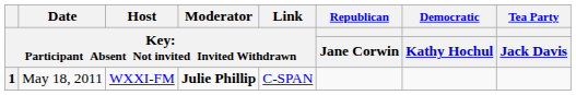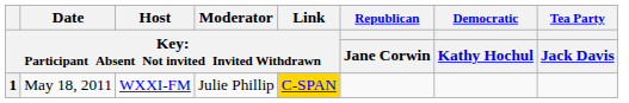 <table class="wikitable" style="text-align:center;">
 <tr>
 <th scope="col"></th>
 <th scope="col">Date</th>
 <th scope="col">Host</th>
 <th scope="col">Moderator</th>
 <th scope="col">Link</th>
 <th scope="col"><small><a href='#'>Republican</a></small></th>
 <th scope="col"><small><a href='#'>Democratic</a></small></th>
 <th scope="col"><small><a href='#'>Tea Party</a></small></th>
 </tr>
 <tr>
 <th colspan="5" rowspan="2">Key:<br> <small>Participant </small>  <small>Absent </small>  <small>Not invited </small>  <small>Invited  Withdrawn</small></th>
 <th scope="col" style="background:"></th>
 <th scope="col" style="background:"></th>
 <th scope="col" style="background:"></th>
 </tr>
 <tr>
 <th scope="col">Jane Corwin</th>
 <th scope="col"><a href='#'>Kathy Hochul</a></th>
 <th scope="col"><a href='#'>Jack Davis</a></th>
 </tr>
 <tr>
 <th>1</th>
 <td style="white-space:nowrap;">May 18, 2011</td>
 <td style="white-space:nowrap;"><a href='#'>WXXI-FM</a></td>
-<td style="white-space:nowrap;"><strong>Julie Phillip</strong></td>
-<td style="white-space:nowrap;"><a href='#'>C-SPAN</a></td>
+<td style="white-space:nowrap;">Julie Phillip</td>
+<td style="background: gold; white-space:nowrap;"><a href='#'>C-SPAN</a></td>
 <td></td>
 <td></td>
 <td></td>
 </tr>
 </table>
